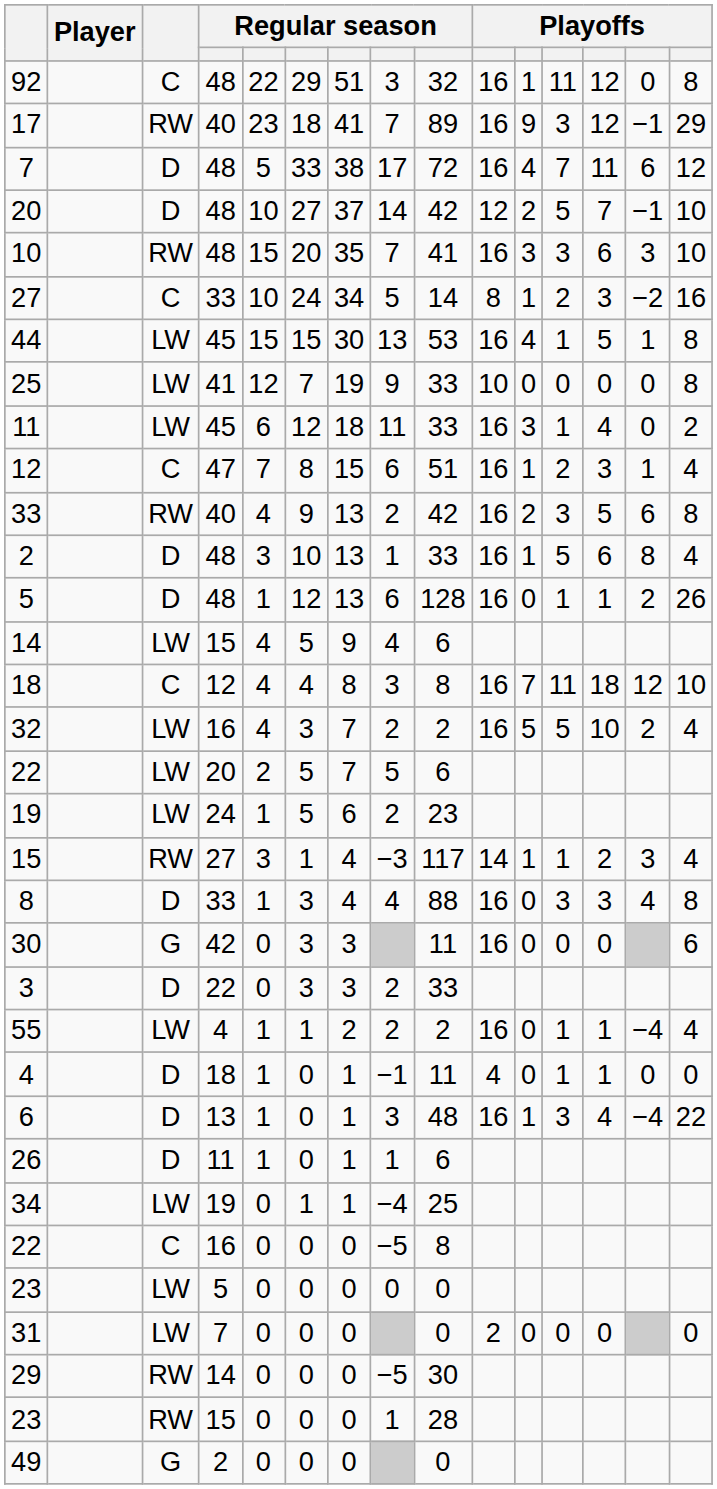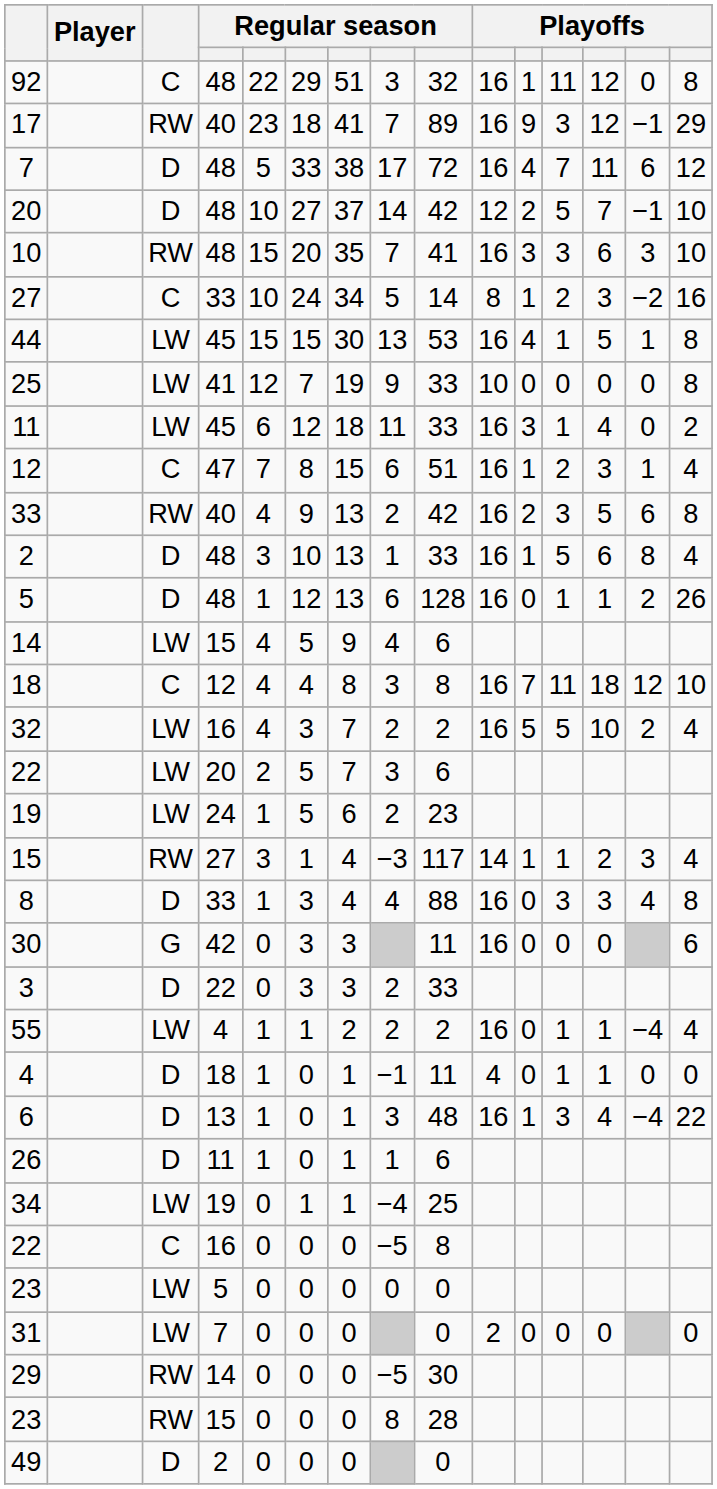 <table class="wikitable sortable plainrowheaders" style="text-align:center;">
 <tr>
 <th scope="col" data-sort-type="number" rowspan="2"></th>
 <th scope="col" rowspan="2">Player</th>
 <th scope="col" rowspan="2"></th>
 <th scope=colgroup colspan=6>Regular season</th>
 <th scope=colgroup colspan=6>Playoffs</th>
 </tr>
 <tr>
 <th scope="col" data-sort-type="number"></th>
 <th scope="col" data-sort-type="number"></th>
 <th scope="col" data-sort-type="number"></th>
 <th scope="col" data-sort-type="number"></th>
 <th scope="col" data-sort-type="number"></th>
 <th scope="col" data-sort-type="number"></th>
 <th scope="col" data-sort-type="number"></th>
 <th scope="col" data-sort-type="number"></th>
 <th scope="col" data-sort-type="number"></th>
 <th scope="col" data-sort-type="number"></th>
 <th scope="col" data-sort-type="number"></th>
 <th scope="col" data-sort-type="number"></th>
 </tr>
 <tr>
 <td scope="row">92</td>
 <td align="left"></td>
 <td>C</td>
 <td>48</td>
 <td>22</td>
 <td>29</td>
 <td>51</td>
 <td>3</td>
 <td>32</td>
 <td>16</td>
 <td>1</td>
 <td>11</td>
 <td>12</td>
 <td>0</td>
 <td>8</td>
 </tr>
 <tr>
 <td scope="row">17</td>
 <td align="left"></td>
 <td>RW</td>
 <td>40</td>
 <td>23</td>
 <td>18</td>
 <td>41</td>
 <td>7</td>
 <td>89</td>
 <td>16</td>
 <td>9</td>
 <td>3</td>
 <td>12</td>
 <td>−1</td>
 <td>29</td>
 </tr>
 <tr>
 <td scope="row">7</td>
 <td align="left"></td>
 <td>D</td>
 <td>48</td>
 <td>5</td>
 <td>33</td>
 <td>38</td>
 <td>17</td>
 <td>72</td>
 <td>16</td>
 <td>4</td>
 <td>7</td>
 <td>11</td>
 <td>6</td>
 <td>12</td>
 </tr>
 <tr>
 <td scope="row">20</td>
 <td align="left"></td>
 <td>D</td>
 <td>48</td>
 <td>10</td>
 <td>27</td>
 <td>37</td>
 <td>14</td>
 <td>42</td>
 <td>12</td>
 <td>2</td>
 <td>5</td>
 <td>7</td>
 <td>−1</td>
 <td>10</td>
 </tr>
 <tr>
 <td scope="row">10</td>
 <td align="left"></td>
 <td>RW</td>
 <td>48</td>
 <td>15</td>
 <td>20</td>
 <td>35</td>
 <td>7</td>
 <td>41</td>
 <td>16</td>
 <td>3</td>
 <td>3</td>
 <td>6</td>
 <td>3</td>
 <td>10</td>
 </tr>
 <tr>
 <td scope="row">27</td>
 <td align="left"></td>
 <td>C</td>
 <td>33</td>
 <td>10</td>
 <td>24</td>
 <td>34</td>
 <td>5</td>
 <td>14</td>
 <td>8</td>
 <td>1</td>
 <td>2</td>
 <td>3</td>
 <td>−2</td>
 <td>16</td>
 </tr>
 <tr>
 <td scope="row">44</td>
 <td align="left"></td>
 <td>LW</td>
 <td>45</td>
 <td>15</td>
 <td>15</td>
 <td>30</td>
 <td>13</td>
 <td>53</td>
 <td>16</td>
 <td>4</td>
 <td>1</td>
 <td>5</td>
 <td>1</td>
 <td>8</td>
 </tr>
 <tr>
 <td scope="row">25</td>
 <td align="left"></td>
 <td>LW</td>
 <td>41</td>
 <td>12</td>
 <td>7</td>
 <td>19</td>
 <td>9</td>
 <td>33</td>
 <td>10</td>
 <td>0</td>
 <td>0</td>
 <td>0</td>
 <td>0</td>
 <td>8</td>
 </tr>
 <tr>
 <td scope="row">11</td>
 <td align="left"></td>
 <td>LW</td>
 <td>45</td>
 <td>6</td>
 <td>12</td>
 <td>18</td>
 <td>11</td>
 <td>33</td>
 <td>16</td>
 <td>3</td>
 <td>1</td>
 <td>4</td>
 <td>0</td>
 <td>2</td>
 </tr>
 <tr>
 <td scope="row">12</td>
 <td align="left"></td>
 <td>C</td>
 <td>47</td>
 <td>7</td>
 <td>8</td>
 <td>15</td>
 <td>6</td>
 <td>51</td>
 <td>16</td>
 <td>1</td>
 <td>2</td>
 <td>3</td>
 <td>1</td>
 <td>4</td>
 </tr>
 <tr>
 <td scope="row">33</td>
 <td align="left"></td>
 <td>RW</td>
 <td>40</td>
 <td>4</td>
 <td>9</td>
 <td>13</td>
 <td>2</td>
 <td>42</td>
 <td>16</td>
 <td>2</td>
 <td>3</td>
 <td>5</td>
 <td>6</td>
 <td>8</td>
 </tr>
 <tr>
 <td scope="row">2</td>
 <td align="left"></td>
 <td>D</td>
 <td>48</td>
 <td>3</td>
 <td>10</td>
 <td>13</td>
 <td>1</td>
 <td>33</td>
 <td>16</td>
 <td>1</td>
 <td>5</td>
 <td>6</td>
 <td>8</td>
 <td>4</td>
 </tr>
 <tr>
 <td scope="row">5</td>
 <td align="left"></td>
 <td>D</td>
 <td>48</td>
 <td>1</td>
 <td>12</td>
 <td>13</td>
 <td>6</td>
 <td>128</td>
 <td>16</td>
 <td>0</td>
 <td>1</td>
 <td>1</td>
 <td>2</td>
 <td>26</td>
 </tr>
 <tr>
 <td scope="row">14</td>
 <td align="left"></td>
 <td>LW</td>
 <td>15</td>
 <td>4</td>
 <td>5</td>
 <td>9</td>
 <td>4</td>
 <td>6</td>
 <td></td>
 <td></td>
 <td></td>
 <td></td>
 <td></td>
 <td></td>
 </tr>
 <tr>
 <td scope="row">18</td>
 <td align="left"></td>
 <td>C</td>
 <td>12</td>
 <td>4</td>
 <td>4</td>
 <td>8</td>
 <td>3</td>
 <td>8</td>
 <td>16</td>
 <td>7</td>
 <td>11</td>
 <td>18</td>
 <td>12</td>
 <td>10</td>
 </tr>
 <tr>
 <td scope="row">32</td>
 <td align="left"></td>
 <td>LW</td>
 <td>16</td>
 <td>4</td>
 <td>3</td>
 <td>7</td>
 <td>2</td>
 <td>2</td>
 <td>16</td>
 <td>5</td>
 <td>5</td>
 <td>10</td>
 <td>2</td>
 <td>4</td>
 </tr>
 <tr>
 <td scope="row">22</td>
 <td align="left"></td>
 <td>LW</td>
 <td>20</td>
 <td>2</td>
 <td>5</td>
 <td>7</td>
-<td>5</td>
+<td>3</td>
 <td>6</td>
 <td></td>
 <td></td>
 <td></td>
 <td></td>
 <td></td>
 <td></td>
 </tr>
 <tr>
 <td scope="row">19</td>
 <td align="left"></td>
 <td>LW</td>
 <td>24</td>
 <td>1</td>
 <td>5</td>
 <td>6</td>
 <td>2</td>
 <td>23</td>
 <td></td>
 <td></td>
 <td></td>
 <td></td>
 <td></td>
 <td></td>
 </tr>
 <tr>
 <td scope="row">15</td>
 <td align="left"></td>
 <td>RW</td>
 <td>27</td>
 <td>3</td>
 <td>1</td>
 <td>4</td>
 <td>−3</td>
 <td>117</td>
 <td>14</td>
 <td>1</td>
 <td>1</td>
 <td>2</td>
 <td>3</td>
 <td>4</td>
 </tr>
 <tr>
 <td scope="row">8</td>
 <td align="left"></td>
 <td>D</td>
 <td>33</td>
 <td>1</td>
 <td>3</td>
 <td>4</td>
 <td>4</td>
 <td>88</td>
 <td>16</td>
 <td>0</td>
 <td>3</td>
 <td>3</td>
 <td>4</td>
 <td>8</td>
 </tr>
 <tr>
 <td scope="row">30</td>
 <td align="left"></td>
 <td>G</td>
 <td>42</td>
 <td>0</td>
 <td>3</td>
 <td>3</td>
 <td style="background:#ccc"></td>
 <td>11</td>
 <td>16</td>
 <td>0</td>
 <td>0</td>
 <td>0</td>
 <td style="background:#ccc"></td>
 <td>6</td>
 </tr>
 <tr>
 <td scope="row">3</td>
 <td align="left"></td>
 <td>D</td>
 <td>22</td>
 <td>0</td>
 <td>3</td>
 <td>3</td>
 <td>2</td>
 <td>33</td>
 <td></td>
 <td></td>
 <td></td>
 <td></td>
 <td></td>
 <td></td>
 </tr>
 <tr>
 <td scope="row">55</td>
 <td align="left"></td>
 <td>LW</td>
 <td>4</td>
 <td>1</td>
 <td>1</td>
 <td>2</td>
 <td>2</td>
 <td>2</td>
 <td>16</td>
 <td>0</td>
 <td>1</td>
 <td>1</td>
 <td>−4</td>
 <td>4</td>
 </tr>
 <tr>
 <td scope="row">4</td>
 <td align="left"></td>
 <td>D</td>
 <td>18</td>
 <td>1</td>
 <td>0</td>
 <td>1</td>
 <td>−1</td>
 <td>11</td>
 <td>4</td>
 <td>0</td>
 <td>1</td>
 <td>1</td>
 <td>0</td>
 <td>0</td>
 </tr>
 <tr>
 <td scope="row">6</td>
 <td align="left"></td>
 <td>D</td>
 <td>13</td>
 <td>1</td>
 <td>0</td>
 <td>1</td>
 <td>3</td>
 <td>48</td>
 <td>16</td>
 <td>1</td>
 <td>3</td>
 <td>4</td>
 <td>−4</td>
 <td>22</td>
 </tr>
 <tr>
 <td scope="row">26</td>
 <td align="left"></td>
 <td>D</td>
 <td>11</td>
 <td>1</td>
 <td>0</td>
 <td>1</td>
 <td>1</td>
 <td>6</td>
 <td></td>
 <td></td>
 <td></td>
 <td></td>
 <td></td>
 <td></td>
 </tr>
 <tr>
 <td scope="row">34</td>
 <td align="left"></td>
 <td>LW</td>
 <td>19</td>
 <td>0</td>
 <td>1</td>
 <td>1</td>
 <td>−4</td>
 <td>25</td>
 <td></td>
 <td></td>
 <td></td>
 <td></td>
 <td></td>
 <td></td>
 </tr>
 <tr>
 <td scope="row">22</td>
 <td align="left"></td>
 <td>C</td>
 <td>16</td>
 <td>0</td>
 <td>0</td>
 <td>0</td>
 <td>−5</td>
 <td>8</td>
 <td></td>
 <td></td>
 <td></td>
 <td></td>
 <td></td>
 <td></td>
 </tr>
 <tr>
 <td scope="row">23</td>
 <td align="left"></td>
 <td>LW</td>
 <td>5</td>
 <td>0</td>
 <td>0</td>
 <td>0</td>
 <td>0</td>
 <td>0</td>
 <td></td>
 <td></td>
 <td></td>
 <td></td>
 <td></td>
 <td></td>
 </tr>
 <tr>
 <td scope="row">31</td>
 <td align="left"></td>
 <td>LW</td>
 <td>7</td>
 <td>0</td>
 <td>0</td>
 <td>0</td>
 <td style="background:#ccc"></td>
 <td>0</td>
 <td>2</td>
 <td>0</td>
 <td>0</td>
 <td>0</td>
 <td style="background:#ccc"></td>
 <td>0</td>
 </tr>
 <tr>
 <td scope="row">29</td>
 <td align="left"></td>
 <td>RW</td>
 <td>14</td>
 <td>0</td>
 <td>0</td>
 <td>0</td>
 <td>−5</td>
 <td>30</td>
 <td></td>
 <td></td>
 <td></td>
 <td></td>
 <td></td>
 <td></td>
 </tr>
 <tr>
 <td scope="row">23</td>
 <td align="left"></td>
 <td>RW</td>
 <td>15</td>
 <td>0</td>
 <td>0</td>
 <td>0</td>
-<td>1</td>
+<td>8</td>
 <td>28</td>
 <td></td>
 <td></td>
 <td></td>
 <td></td>
 <td></td>
 <td></td>
 </tr>
 <tr>
 <td scope="row">49</td>
 <td align="left"></td>
-<td>G</td>
+<td>D</td>
 <td>2</td>
 <td>0</td>
 <td>0</td>
 <td>0</td>
 <td style="background:#ccc"></td>
 <td>0</td>
 <td></td>
 <td></td>
 <td></td>
 <td></td>
 <td></td>
 <td></td>
 </tr>
 </table>
